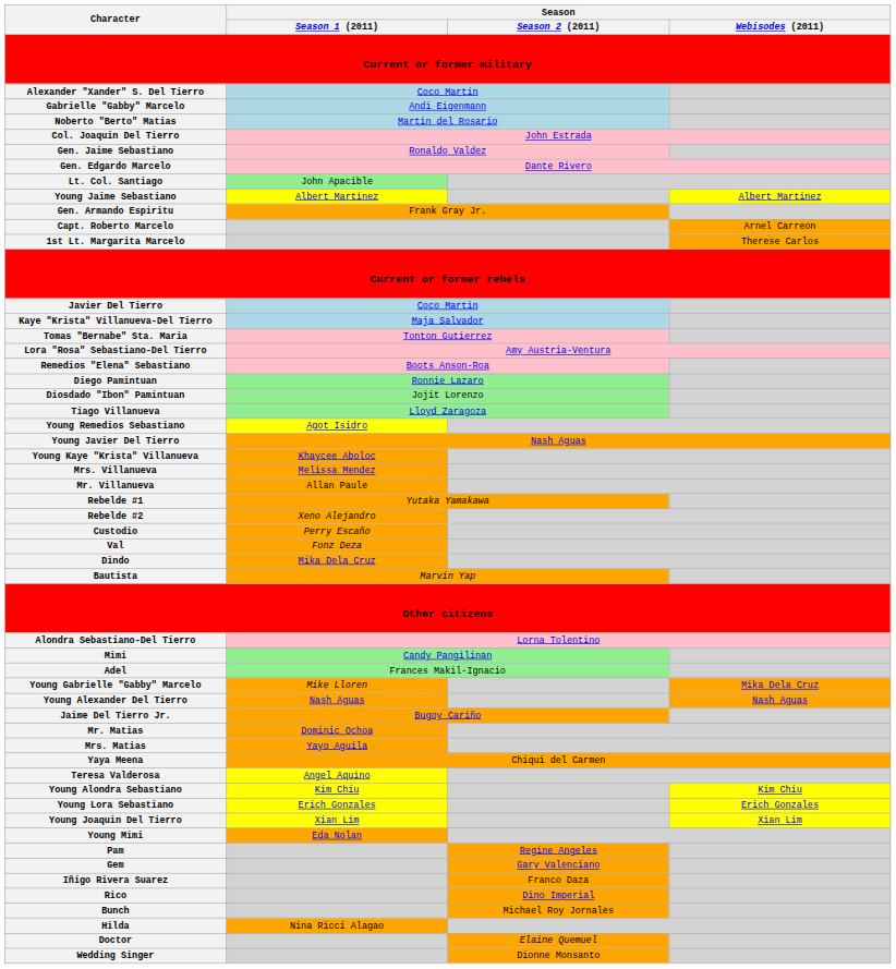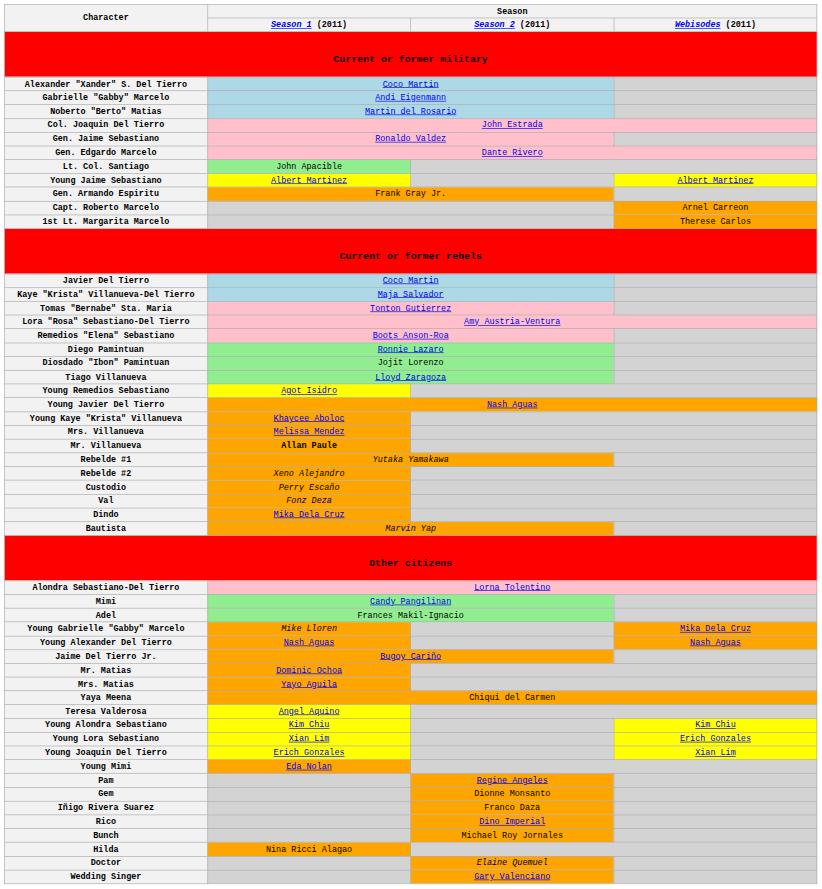 <table class="wikitable"  style="text-align:center; width:99%;">
 <tr>
 <th rowspan="2" style="width:15%;">Character</th>
 <th colspan="4">Season</th>
 </tr>
 <tr>
 <th style="width:15%;"><em><a href='#'>Season 1</a></em> (2011)</th>
 <th style="width:15%;"><em><a href='#'>Season 2</a></em> (2011)</th>
 <th style="width:15%;"><em><a href='#'>Webisodes</a></em> (2011)</th>
 </tr>
 <tr>
 <th colspan="4" style="background:red;"><br><h3><span>Current or former military</span></h3></th>
 </tr>
 <tr>
 <th>Alexander "Xander" S. Del Tierro</th>
 <td colspan="2" style="background:lightblue;"><a href='#'>Coco Martin</a></td>
 <td style="background:lightgrey;"></td>
 </tr>
 <tr>
 <th>Gabrielle "Gabby" Marcelo</th>
 <td colspan="2" style="background:lightblue;"><a href='#'>Andi Eigenmann</a></td>
 <td style="background:lightgrey;"></td>
 </tr>
 <tr>
 <th>Noberto "Berto" Matias</th>
 <td colspan="2" style="background:lightblue;"><a href='#'>Martin del Rosario</a></td>
 <td style="background:lightgrey;"></td>
 </tr>
 <tr>
 <th>Col. Joaquin Del Tierro</th>
 <td colspan="3" style="background:pink;"><a href='#'>John Estrada</a></td>
 </tr>
 <tr>
 <th>Gen. Jaime Sebastiano</th>
 <td colspan="2" style="background:pink;"><a href='#'>Ronaldo Valdez</a></td>
 <td style="background:lightgrey;"></td>
 </tr>
 <tr>
 <th>Gen. Edgardo Marcelo</th>
 <td colspan="3" style="background:pink;"><a href='#'>Dante Rivero</a></td>
 </tr>
 <tr>
 <th>Lt. Col. Santiago</th>
 <td style="background:lightgreen;">John Apacible</td>
 <td colspan="2" style="background:lightgrey;"></td>
 </tr>
 <tr>
 <th>Young Jaime Sebastiano</th>
 <td style="background:yellow;"><a href='#'>Albert Martinez</a></td>
 <td style="background:lightgrey;"></td>
 <td style="background:yellow;"><a href='#'>Albert Martinez</a></td>
 </tr>
 <tr>
 <th>Gen. Armando Espiritu</th>
 <td colspan="2" style="background:orange;">Frank Gray Jr.</td>
 <td style="background:lightgrey;"></td>
 </tr>
 <tr>
 <th>Capt. Roberto Marcelo</th>
 <td colspan="2" style="background:lightgrey;"></td>
 <td style="background:orange;">Arnel Carreon</td>
 </tr>
 <tr>
 <th>1st Lt. Margarita Marcelo</th>
 <td colspan="2" style="background:lightgrey;"></td>
 <td style="background:orange;">Therese Carlos</td>
 </tr>
 <tr>
 <th colspan="4" style="background:red;"><br><h3><span>Current or former rebels</span></h3></th>
 </tr>
 <tr>
 <th>Javier Del Tierro</th>
 <td colspan="2" style="background:lightblue;"><a href='#'>Coco Martin</a></td>
 <td style="background:lightgrey;"></td>
 </tr>
 <tr>
 <th>Kaye "Krista" Villanueva-Del Tierro</th>
 <td colspan="2" style="background:lightblue;"><a href='#'>Maja Salvador</a></td>
 <td style="background:lightgrey;"></td>
 </tr>
 <tr>
 <th>Tomas "Bernabe" Sta. Maria</th>
 <td colspan="2" style="background:pink;"><a href='#'>Tonton Gutierrez</a></td>
 <td style="background:lightgrey;"></td>
 </tr>
 <tr>
 <th>Lora "Rosa" Sebastiano-Del Tierro</th>
 <td colspan="3" style="background:pink;"><a href='#'>Amy Austria-Ventura</a></td>
 </tr>
 <tr>
 <th>Remedios "Elena" Sebastiano</th>
 <td colspan="2" style="background:pink;"><a href='#'>Boots Anson-Roa</a></td>
 <td style="background:lightgrey;"></td>
 </tr>
 <tr>
 <th>Diego Pamintuan</th>
 <td colspan="2" style="background: lightgreen"><a href='#'>Ronnie Lazaro</a></td>
 <td style="background:lightgrey;"></td>
 </tr>
 <tr>
 <th>Diosdado "Ibon" Pamintuan</th>
 <td colspan="2" style="background: lightgreen">Jojit Lorenzo</td>
 <td style="background:lightgrey;"></td>
 </tr>
 <tr>
 <th>Tiago Villanueva</th>
 <td colspan="2" style="background: lightgreen"><a href='#'>Lloyd Zaragoza</a></td>
 <td style="background:lightgrey;"></td>
 </tr>
 <tr>
 <th>Young Remedios Sebastiano</th>
 <td style="background:yellow;"><a href='#'>Agot Isidro</a></td>
 <td colspan="2" style="background:lightgrey;"></td>
 </tr>
 <tr>
 <th>Young Javier Del Tierro</th>
 <td colspan="3" style="background:orange;"><a href='#'>Nash Aguas</a></td>
 </tr>
 <tr>
 <th>Young Kaye "Krista" Villanueva</th>
 <td style="background:orange;"><a href='#'>Khaycee Aboloc</a></td>
 <td colspan="2" style="background:lightgrey;"></td>
 </tr>
 <tr>
 <th>Mrs. Villanueva</th>
 <td style="background:orange;"><a href='#'>Melissa Mendez</a></td>
 <td colspan="2" style="background:lightgrey;"></td>
 </tr>
 <tr>
 <th>Mr. Villanueva</th>
-<td style="background:orange;">Allan Paule</td>
+<td style="background:orange;"><strong>Allan Paule</strong></td>
 <td colspan="2" style="background:lightgrey;"></td>
 </tr>
 <tr>
 <th>Rebelde #1</th>
 <td colspan="2" style="background:orange;"><em>Yutaka Yamakawa</em></td>
 <td style="background:lightgrey;"></td>
 </tr>
 <tr>
 <th>Rebelde #2</th>
 <td style="background:orange;"><em>Xeno Alejandro</em></td>
 <td colspan="2" style="background:lightgrey;"></td>
 </tr>
 <tr>
 <th>Custodio</th>
 <td style="background:orange;"><em>Perry Escaño</em></td>
 <td colspan="2" style="background:lightgrey;"></td>
 </tr>
 <tr>
 <th>Val</th>
 <td style="background:orange;"><em>Fonz Deza</em></td>
 <td colspan="2" style="background:lightgrey;"></td>
 </tr>
 <tr>
 <th>Dindo</th>
 <td style="background:orange;"><a href='#'>Mika Dela Cruz</a></td>
 <td colspan="2" style="background:lightgrey;"></td>
 </tr>
 <tr>
 <th>Bautista</th>
 <td colspan="2" style="background:orange;"><em>Marvin Yap</em></td>
 <td style="background:lightgrey;"></td>
 </tr>
 <tr>
 <th colspan="4" style="background:red;"><br><h3><span>Other citizens</span></h3></th>
 </tr>
 <tr>
 <th>Alondra Sebastiano-Del Tierro</th>
 <td colspan="3" style="background:pink;"><a href='#'>Lorna Tolentino</a></td>
 </tr>
 <tr>
 <th>Mimi</th>
 <td colspan="2" style="background: lightgreen"><a href='#'>Candy Pangilinan</a></td>
 <td style="background:lightgrey;"></td>
 </tr>
 <tr>
 <th>Adel</th>
 <td colspan="2" style="background: lightgreen">Frances Makil-Ignacio</td>
 <td style="background:lightgrey;"></td>
 </tr>
 <tr>
 <th>Young Gabrielle "Gabby" Marcelo</th>
 <td style="background:orange;"><em>Mike Lloren</em></td>
 <td style="background:lightgrey;"></td>
 <td style="background:orange;"><a href='#'>Mika Dela Cruz</a></td>
 </tr>
 <tr>
 <th>Young Alexander Del Tierro</th>
 <td style="background:orange;"><a href='#'>Nash Aguas</a></td>
 <td style="background:lightgrey;"></td>
 <td style="background:orange;"><a href='#'>Nash Aguas</a></td>
 </tr>
 <tr>
 <th>Jaime Del Tierro Jr.</th>
 <td colspan="2" style="background:orange;"><a href='#'>Bugoy Cariño</a></td>
 <td style="background:lightgrey;"></td>
 </tr>
 <tr>
 <th>Mr. Matias</th>
 <td style="background:orange;"><a href='#'>Dominic Ochoa</a></td>
 <td colspan="2" style="background:lightgrey;"></td>
 </tr>
 <tr>
 <th>Mrs. Matias</th>
 <td style="background:orange;"><a href='#'>Yayo Aguila</a></td>
 <td colspan="2" style="background:lightgrey;"></td>
 </tr>
 <tr>
 <th>Yaya Meena</th>
 <td colspan="3" style="background:orange;">Chiqui del Carmen</td>
 </tr>
 <tr>
 <th>Teresa Valderosa</th>
 <td style="background:yellow;"><a href='#'>Angel Aquino</a></td>
 <td colspan="2" style="background:lightgrey;"></td>
 </tr>
 <tr>
 <th>Young Alondra Sebastiano</th>
 <td style="background:yellow;"><a href='#'>Kim Chiu</a></td>
 <td style="background:lightgrey;"></td>
 <td style="background:yellow;"><a href='#'>Kim Chiu</a></td>
 </tr>
 <tr>
 <th>Young Lora Sebastiano</th>
-<td style="background:yellow;"><a href='#'>Erich Gonzales</a></td>
+<td style="background:yellow;"><a href='#'>Xian Lim</a></td>
 <td style="background:lightgrey;"></td>
 <td style="background:yellow;"><a href='#'>Erich Gonzales</a></td>
 </tr>
 <tr>
 <th>Young Joaquin Del Tierro</th>
-<td style="background:yellow;"><a href='#'>Xian Lim</a></td>
+<td style="background:yellow;"><a href='#'>Erich Gonzales</a></td>
 <td style="background:lightgrey;"></td>
 <td style="background:yellow;"><a href='#'>Xian Lim</a></td>
 </tr>
 <tr>
 <th>Young Mimi</th>
 <td style="background:orange;"><a href='#'>Eda Nolan</a></td>
 <td colspan="2" style="background:lightgrey;"></td>
 </tr>
 <tr>
 <th>Pam</th>
 <td style="background:lightgrey;"></td>
 <td style="background:orange;"><a href='#'>Regine Angeles</a></td>
 <td style="background:lightgrey;"></td>
 </tr>
 <tr>
 <th>Gem</th>
 <td style="background:lightgrey;"></td>
-<td style="background:orange;"><a href='#'>Gary Valenciano</a></td>
+<td style="background:orange;">Dionne Monsanto</td>
 <td style="background:lightgrey;"></td>
 </tr>
 <tr>
 <th>Iñigo Rivera Suarez</th>
 <td style="background:lightgrey;"></td>
 <td style="background:orange;">Franco Daza</td>
 <td style="background:lightgrey;"></td>
 </tr>
 <tr>
 <th>Rico</th>
 <td style="background:lightgrey;"></td>
 <td style="background:orange;"><a href='#'>Dino Imperial</a></td>
 <td style="background:lightgrey;"></td>
 </tr>
 <tr>
 <th>Bunch</th>
 <td style="background:lightgrey;"></td>
 <td style="background:orange;">Michael Roy Jornales</td>
 <td style="background:lightgrey;"></td>
 </tr>
 <tr>
 <th>Hilda</th>
 <td style="background:orange;">Nina Ricci Alagao</td>
 <td colspan="2" style="background:lightgrey;"></td>
 </tr>
 <tr>
 <th>Doctor</th>
 <td style="background:lightgrey;"></td>
 <td style="background:orange;"><em>Elaine Quemuel</em></td>
 <td style="background:lightgrey;"></td>
 </tr>
 <tr>
 <th>Wedding Singer</th>
 <td style="background:lightgrey;"></td>
-<td style="background:orange;">Dionne Monsanto</td>
+<td style="background:orange;"><a href='#'>Gary Valenciano</a></td>
 <td style="background:lightgrey;"></td>
 </tr>
 </table>
